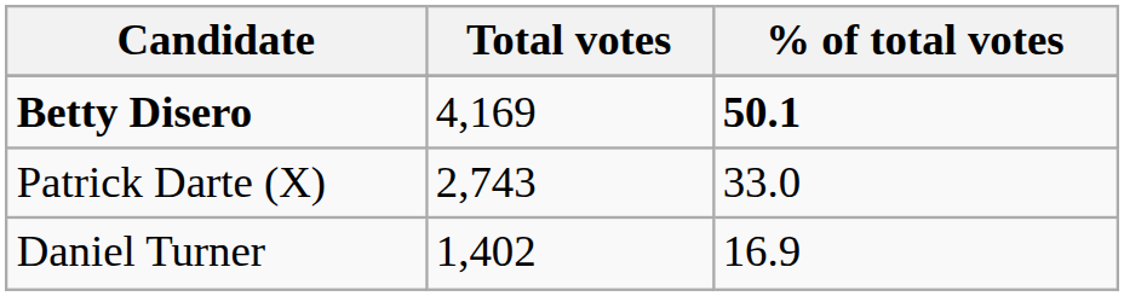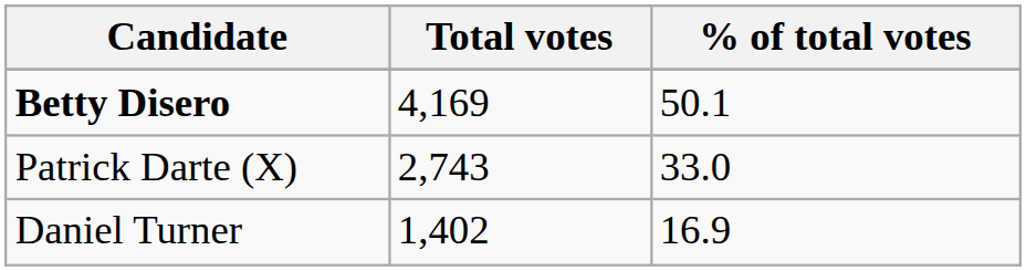 <table class="wikitable" width="400">
 <tr>
 <th align="left">Candidate</th>
 <th align="right">Total votes</th>
 <th align="right">% of total votes</th>
 </tr>
 <tr>
 </tr>
 <tr>
 <td><strong>Betty Disero</strong></td>
 <td>4,169</td>
-<td><strong>50.1</strong></td>
+<td>50.1</td>
 </tr>
 <tr>
 <td>Patrick Darte (X)</td>
 <td>2,743</td>
 <td>33.0</td>
 </tr>
 <tr>
 <td>Daniel Turner</td>
 <td>1,402</td>
 <td>16.9</td>
 </tr>
 </table>
